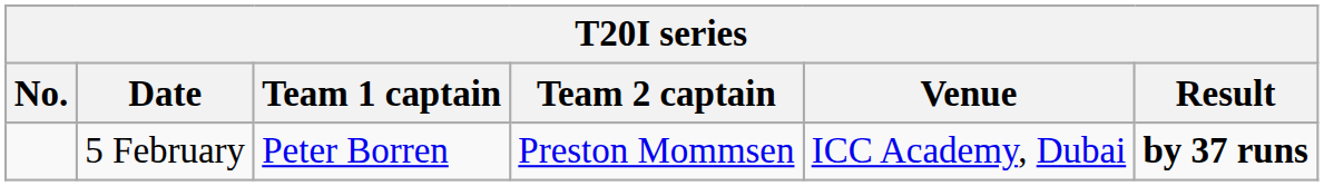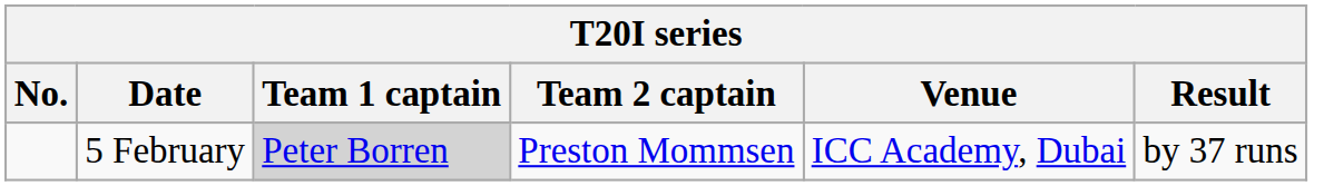 <table class="wikitable">
 <tr>
 <th colspan="9">T20I series</th>
 </tr>
 <tr>
 <th>No.</th>
 <th>Date</th>
 <th>Team 1 captain</th>
 <th>Team 2 captain</th>
 <th>Venue</th>
 <th>Result</th>
 </tr>
 <tr>
 <td></td>
 <td>5 February</td>
-<td><a href='#'>Peter Borren</a></td>
+<td style="background: lightgrey;"><a href='#'>Peter Borren</a></td>
 <td><a href='#'>Preston Mommsen</a></td>
 <td><a href='#'>ICC Academy</a>, <a href='#'>Dubai</a></td>
-<td><strong> by 37 runs</strong></td>
+<td> by 37 runs</td>
 </tr>
 </table>
